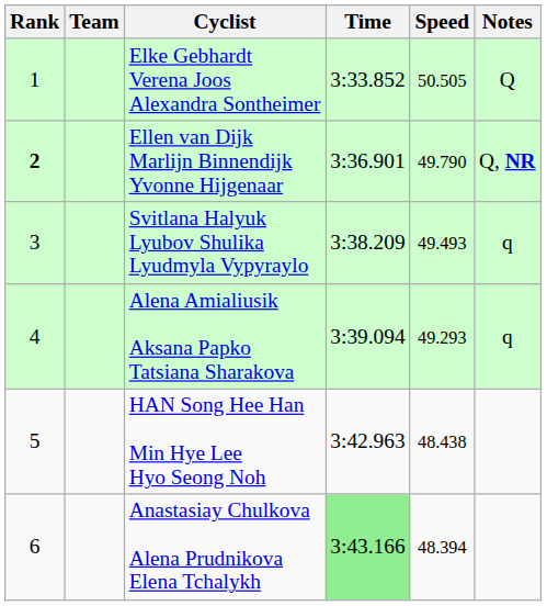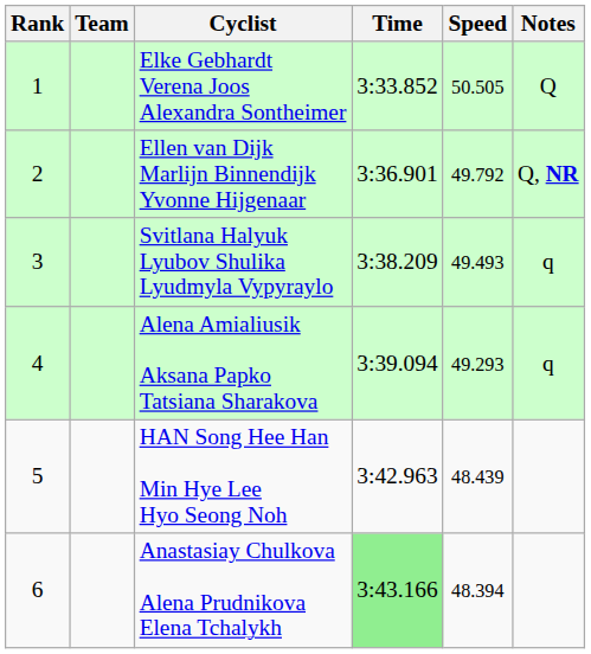 <table class="wikitable sortable" style="text-align:center;">
 <tr>
 <th>Rank</th>
 <th>Team</th>
 <th class="unsortable">Cyclist</th>
 <th>Time</th>
 <th>Speed</th>
 <th class="unsortable">Notes</th>
 </tr>
 <tr bgcolor=ccffcc>
 <td align=center>1</td>
 <td align=left></td>
 <td align=left><a href='#'>Elke Gebhardt</a><br><a href='#'>Verena Joos</a><br><a href='#'>Alexandra Sontheimer</a></td>
 <td>3:33.852</td>
 <td><small>50.505</small></td>
 <td>Q</td>
 </tr>
 <tr bgcolor=ccffcc>
-<td align=center><strong>2</strong></td>
+<td align=center>2</td>
 <td align=left></td>
 <td align=left><a href='#'>Ellen van Dijk</a><br><a href='#'>Marlijn Binnendijk</a><br><a href='#'>Yvonne Hijgenaar</a></td>
 <td>3:36.901</td>
-<td><small>49.790</small></td>
+<td><small>49.792</small></td>
 <td>Q, <strong><a href='#'>NR</a></strong></td>
 </tr>
 <tr bgcolor=ccffcc>
 <td align=center>3</td>
 <td align=left></td>
 <td align=left><a href='#'>Svitlana Halyuk</a><br><a href='#'>Lyubov Shulika</a><br><a href='#'>Lyudmyla Vypyraylo</a></td>
 <td>3:38.209</td>
 <td><small>49.493</small></td>
 <td>q</td>
 </tr>
 <tr bgcolor=ccffcc>
 <td align=center>4</td>
 <td align=left></td>
 <td align=left><a href='#'>Alena Amialiusik</a><br><br><a href='#'>Aksana Papko</a><br> <a href='#'>Tatsiana Sharakova</a></td>
 <td>3:39.094</td>
 <td><small>49.293</small></td>
 <td>q</td>
 </tr>
 <tr>
 <td align=center>5</td>
 <td align=left></td>
 <td align=left><a href='#'>HAN Song Hee Han</a><br><br><a href='#'>Min Hye Lee</a><br> <a href='#'>Hyo Seong Noh</a></td>
 <td>3:42.963</td>
-<td><small>48.438</small></td>
+<td><small>48.439</small></td>
 <td></td>
 </tr>
 <tr>
 <td align=center>6</td>
 <td align=left></td>
 <td align=left><a href='#'>Anastasiay Chulkova</a><br><br><a href='#'>Alena Prudnikova</a><br> <a href='#'>Elena Tchalykh</a></td>
 <td style="background: lightgreen;">3:43.166</td>
 <td><small>48.394</small></td>
 <td></td>
 </tr>
 </table>
